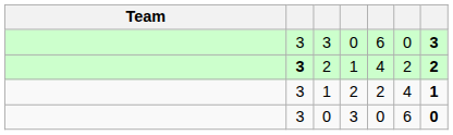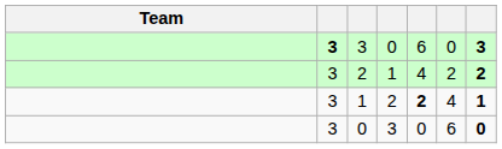 <table class=wikitable style="text-align:center">
 <tr>
 <th width=280>Team</th>
 <th width=20></th>
 <th width=20></th>
 <th width=20></th>
 <th width=20></th>
 <th width=20></th>
 <th width=20></th>
 </tr>
 <tr bgcolor=ccffcc>
 <td style="text-align:left"></td>
-<td>3</td>
+<td><strong>3</strong></td>
 <td>3</td>
 <td>0</td>
 <td>6</td>
 <td>0</td>
 <td><strong>3</strong></td>
 </tr>
 <tr bgcolor=ccffcc>
 <td style="text-align:left"></td>
-<td><strong>3</strong></td>
+<td>3</td>
 <td>2</td>
 <td>1</td>
 <td>4</td>
 <td>2</td>
 <td><strong>2</strong></td>
 </tr>
 <tr>
 <td style="text-align:left"></td>
 <td>3</td>
 <td>1</td>
 <td>2</td>
-<td>2</td>
+<td><strong>2</strong></td>
 <td>4</td>
 <td><strong>1</strong></td>
 </tr>
 <tr>
 <td style="text-align:left"></td>
 <td>3</td>
 <td>0</td>
 <td>3</td>
 <td>0</td>
 <td>6</td>
 <td><strong>0</strong></td>
 </tr>
 </table>
